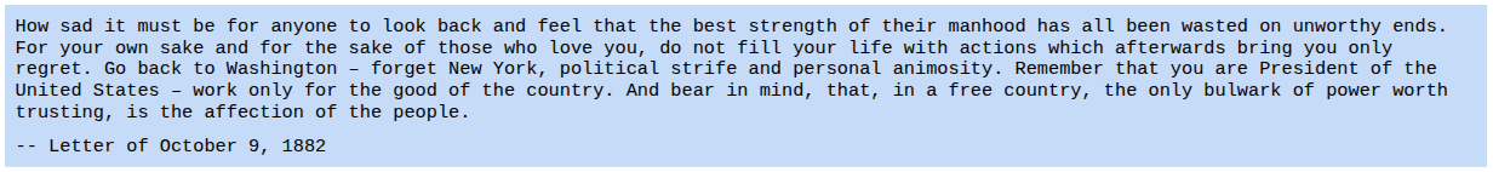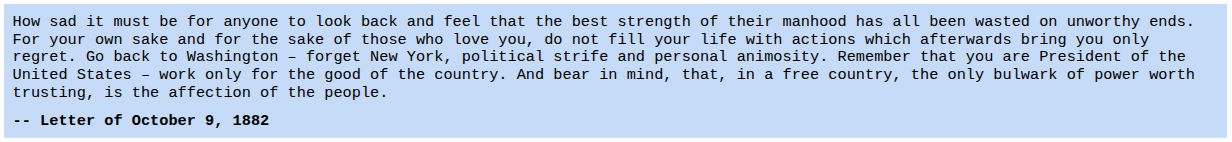 <table class="toccolours" style="float: right; margin-left: 1em; margin-right: 8em; font-size: 80%; background:#c6dbf7; color:black; width:80em; max-width: 80%;" cellspacing="5">
 <tr>
 <td style="text-align: left;">How sad it must be for anyone to look back and feel that the best strength of their manhood has all been wasted on unworthy ends. For your own sake and for the sake of those who love you, do not fill your life with actions which afterwards bring you only regret. Go back to Washington – forget New York, political strife and personal animosity. Remember that you are President of the United States – work only for the good of the country. And bear in mind, that, in a free country, the only bulwark of power worth trusting, is the affection of the people.</td>
 </tr>
 <tr>
-<td style="text-align: left;">-- Letter of October 9, 1882</td>
+<td style="text-align: left;"><strong>-- Letter of October 9, 1882</strong></td>
 </tr>
 </table>
